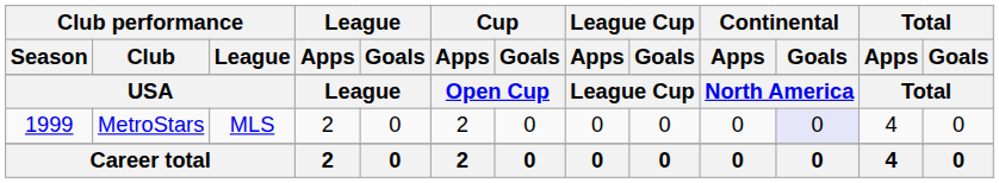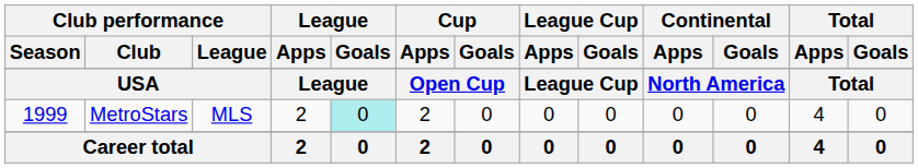 <table class="wikitable" style="text-align:center">
 <tr>
 <th colspan=3>Club performance</th>
 <th colspan=2>League</th>
 <th colspan=2>Cup</th>
 <th colspan=2>League Cup</th>
 <th colspan=2>Continental</th>
 <th colspan=2>Total</th>
 </tr>
 <tr>
 <th>Season</th>
 <th>Club</th>
 <th>League</th>
 <th>Apps</th>
 <th>Goals</th>
 <th>Apps</th>
 <th>Goals</th>
 <th>Apps</th>
 <th>Goals</th>
 <th>Apps</th>
 <th>Goals</th>
 <th>Apps</th>
 <th>Goals</th>
 </tr>
 <tr>
 </tr>
 <tr>
 <th colspan=3>USA</th>
 <th colspan=2>League</th>
 <th colspan=2><a href='#'>Open Cup</a></th>
 <th colspan=2>League Cup</th>
 <th colspan=2><a href='#'>North America</a></th>
 <th colspan=2>Total</th>
 </tr>
 <tr>
 <td><a href='#'>1999</a></td>
 <td><a href='#'>MetroStars</a></td>
 <td><a href='#'>MLS</a></td>
 <td>2</td>
-<td>0</td>
+<td style="background: paleturquoise;">0</td>
 <td>2</td>
 <td>0</td>
 <td>0</td>
 <td>0</td>
 <td>0</td>
-<td style="background: lavender;">0</td>
+<td>0</td>
 <td>4</td>
 <td>0</td>
 </tr>
 <tr>
 </tr>
 <tr>
 <th colspan=3>Career total</th>
 <th>2</th>
 <th>0</th>
 <th>2</th>
 <th>0</th>
 <th>0</th>
 <th>0</th>
 <th>0</th>
 <th>0</th>
 <th>4</th>
 <th>0</th>
 </tr>
 </table>
